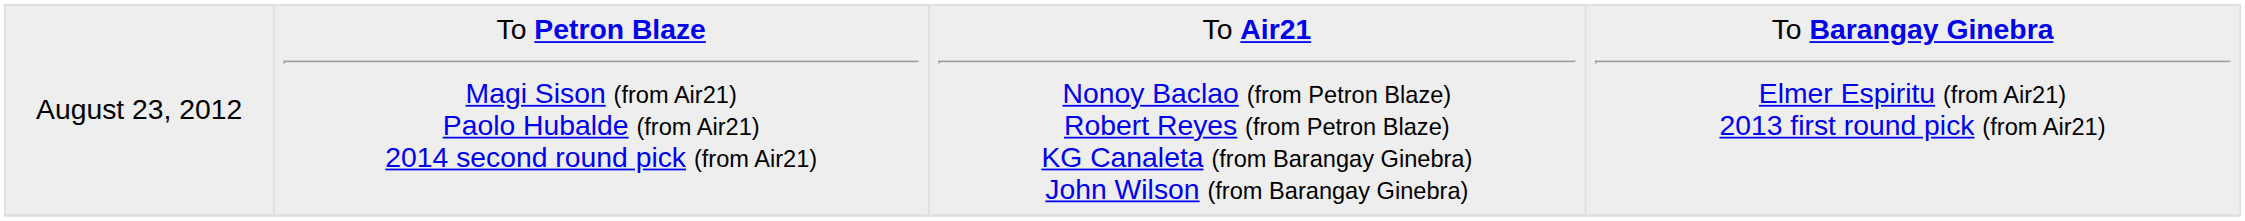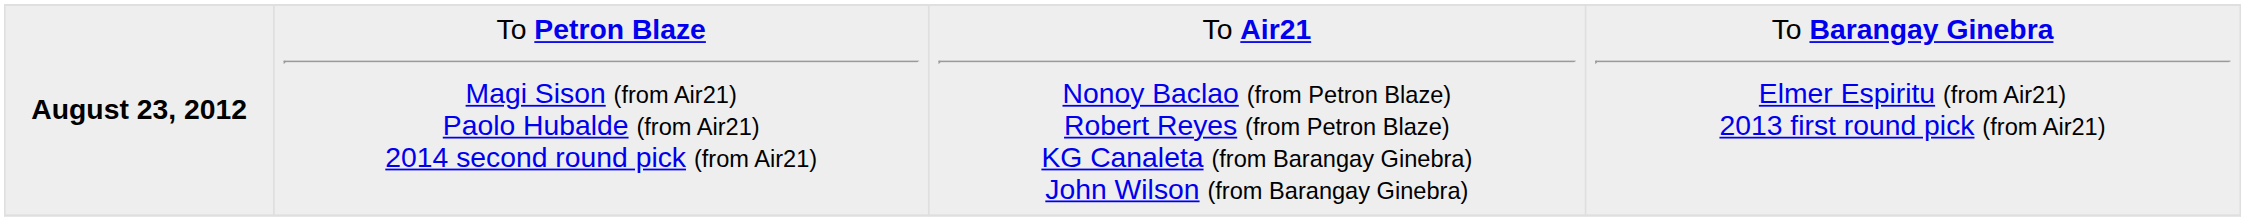 <table border=1 style="border-collapse:collapse; text-align: center; width: 100%" bordercolor="#DFDFDF"  cellpadding="5">
 <tr>
 </tr>
 <tr bgcolor="eeeeee">
-<td style="width:12%">August 23, 2012</td>
+<td style="width:12%"><strong>August 23, 2012</strong></td>
 <td style="width:29.3%" valign="top">To <strong><a href='#'>Petron Blaze</a></strong><hr><a href='#'>Magi Sison</a> <small>(from Air21)</small> <br> <a href='#'>Paolo Hubalde</a> <small>(from Air21)</small> <br> <a href='#'>2014 second round pick</a> <small>(from Air21)</small></td>
 <td style="width:29.3%" valign="top">To <strong><a href='#'>Air21</a></strong><hr><a href='#'>Nonoy Baclao</a> <small>(from Petron Blaze)</small> <br> <a href='#'>Robert Reyes</a> <small>(from Petron Blaze)</small> <br><a href='#'>KG Canaleta</a> <small>(from Barangay Ginebra)</small> <br><a href='#'>John Wilson</a> <small>(from Barangay Ginebra)</small></td>
 <td style="width:29.3%" valign="top">To <strong><a href='#'>Barangay Ginebra</a> <hr> </strong><a href='#'>Elmer Espiritu</a> <small>(from Air21)</small> <br> <a href='#'>2013 first round pick</a> <small>(from Air21)</small></td>
 </tr>
 <tr>
 </tr>
 </table>
